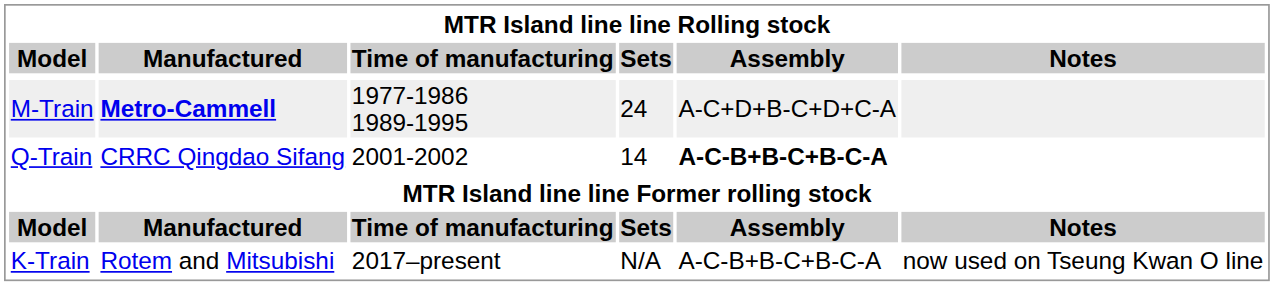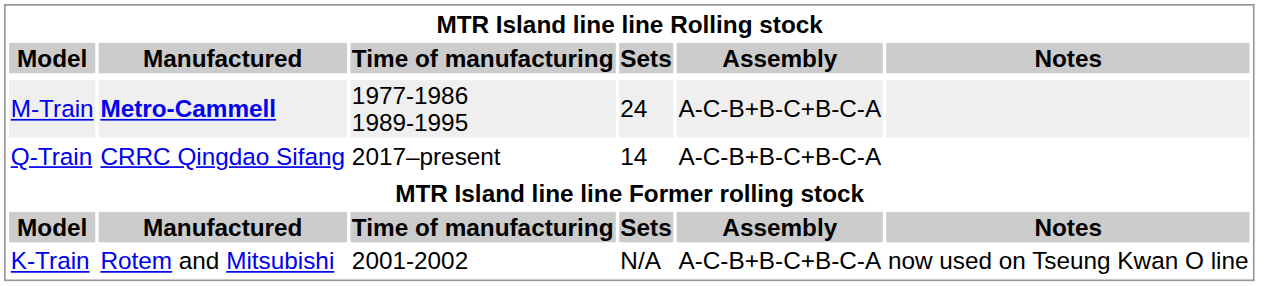 <table border=0 style="border:1px solid #999;background-color:white;text-align:left;font-size:90%">
 <tr align=center>
 <th colspan="6">MTR Island line line Rolling stock</th>
 </tr>
 <tr align=center bgcolor=#cccccc>
 <th>Model</th>
 <th>Manufactured</th>
 <th>Time of manufacturing</th>
 <th>Sets</th>
 <th>Assembly</th>
 <th>Notes</th>
 </tr>
 <tr>
 </tr>
 <tr bgcolor=#EFEFEF>
 <td><a href='#'>M-Train</a></td>
 <td><strong><a href='#'>Metro-Cammell</a></strong></td>
 <td>1977-1986<br>1989-1995</td>
 <td>24</td>
-<td>A-C+D+B-C+D+C-A</td>
+<td>A-C-B+B-C+B-C-A</td>
 <td></td>
 </tr>
 <tr>
 <td><a href='#'>Q-Train</a></td>
 <td><a href='#'>CRRC Qingdao Sifang</a></td>
-<td>2001-2002</td>
+<td>2017–present</td>
 <td>14</td>
-<td><strong>A-C-B+B-C+B-C-A</strong></td>
+<td>A-C-B+B-C+B-C-A</td>
 <td></td>
 </tr>
 <tr>
 </tr>
 <tr align=center>
 <th colspan="6">MTR Island line line Former rolling stock</th>
 </tr>
 <tr align=center bgcolor=#cccccc>
 <th>Model</th>
 <th>Manufactured</th>
 <th>Time of manufacturing</th>
 <th>Sets</th>
 <th>Assembly</th>
 <th>Notes</th>
 </tr>
 <tr>
 <td><a href='#'>K-Train</a></td>
 <td><a href='#'>Rotem</a> and <a href='#'>Mitsubishi</a></td>
-<td>2017–present</td>
+<td>2001-2002</td>
 <td>N/A</td>
 <td>A-C-B+B-C+B-C-A</td>
 <td>now used on Tseung Kwan O line</td>
 </tr>
 </table>
